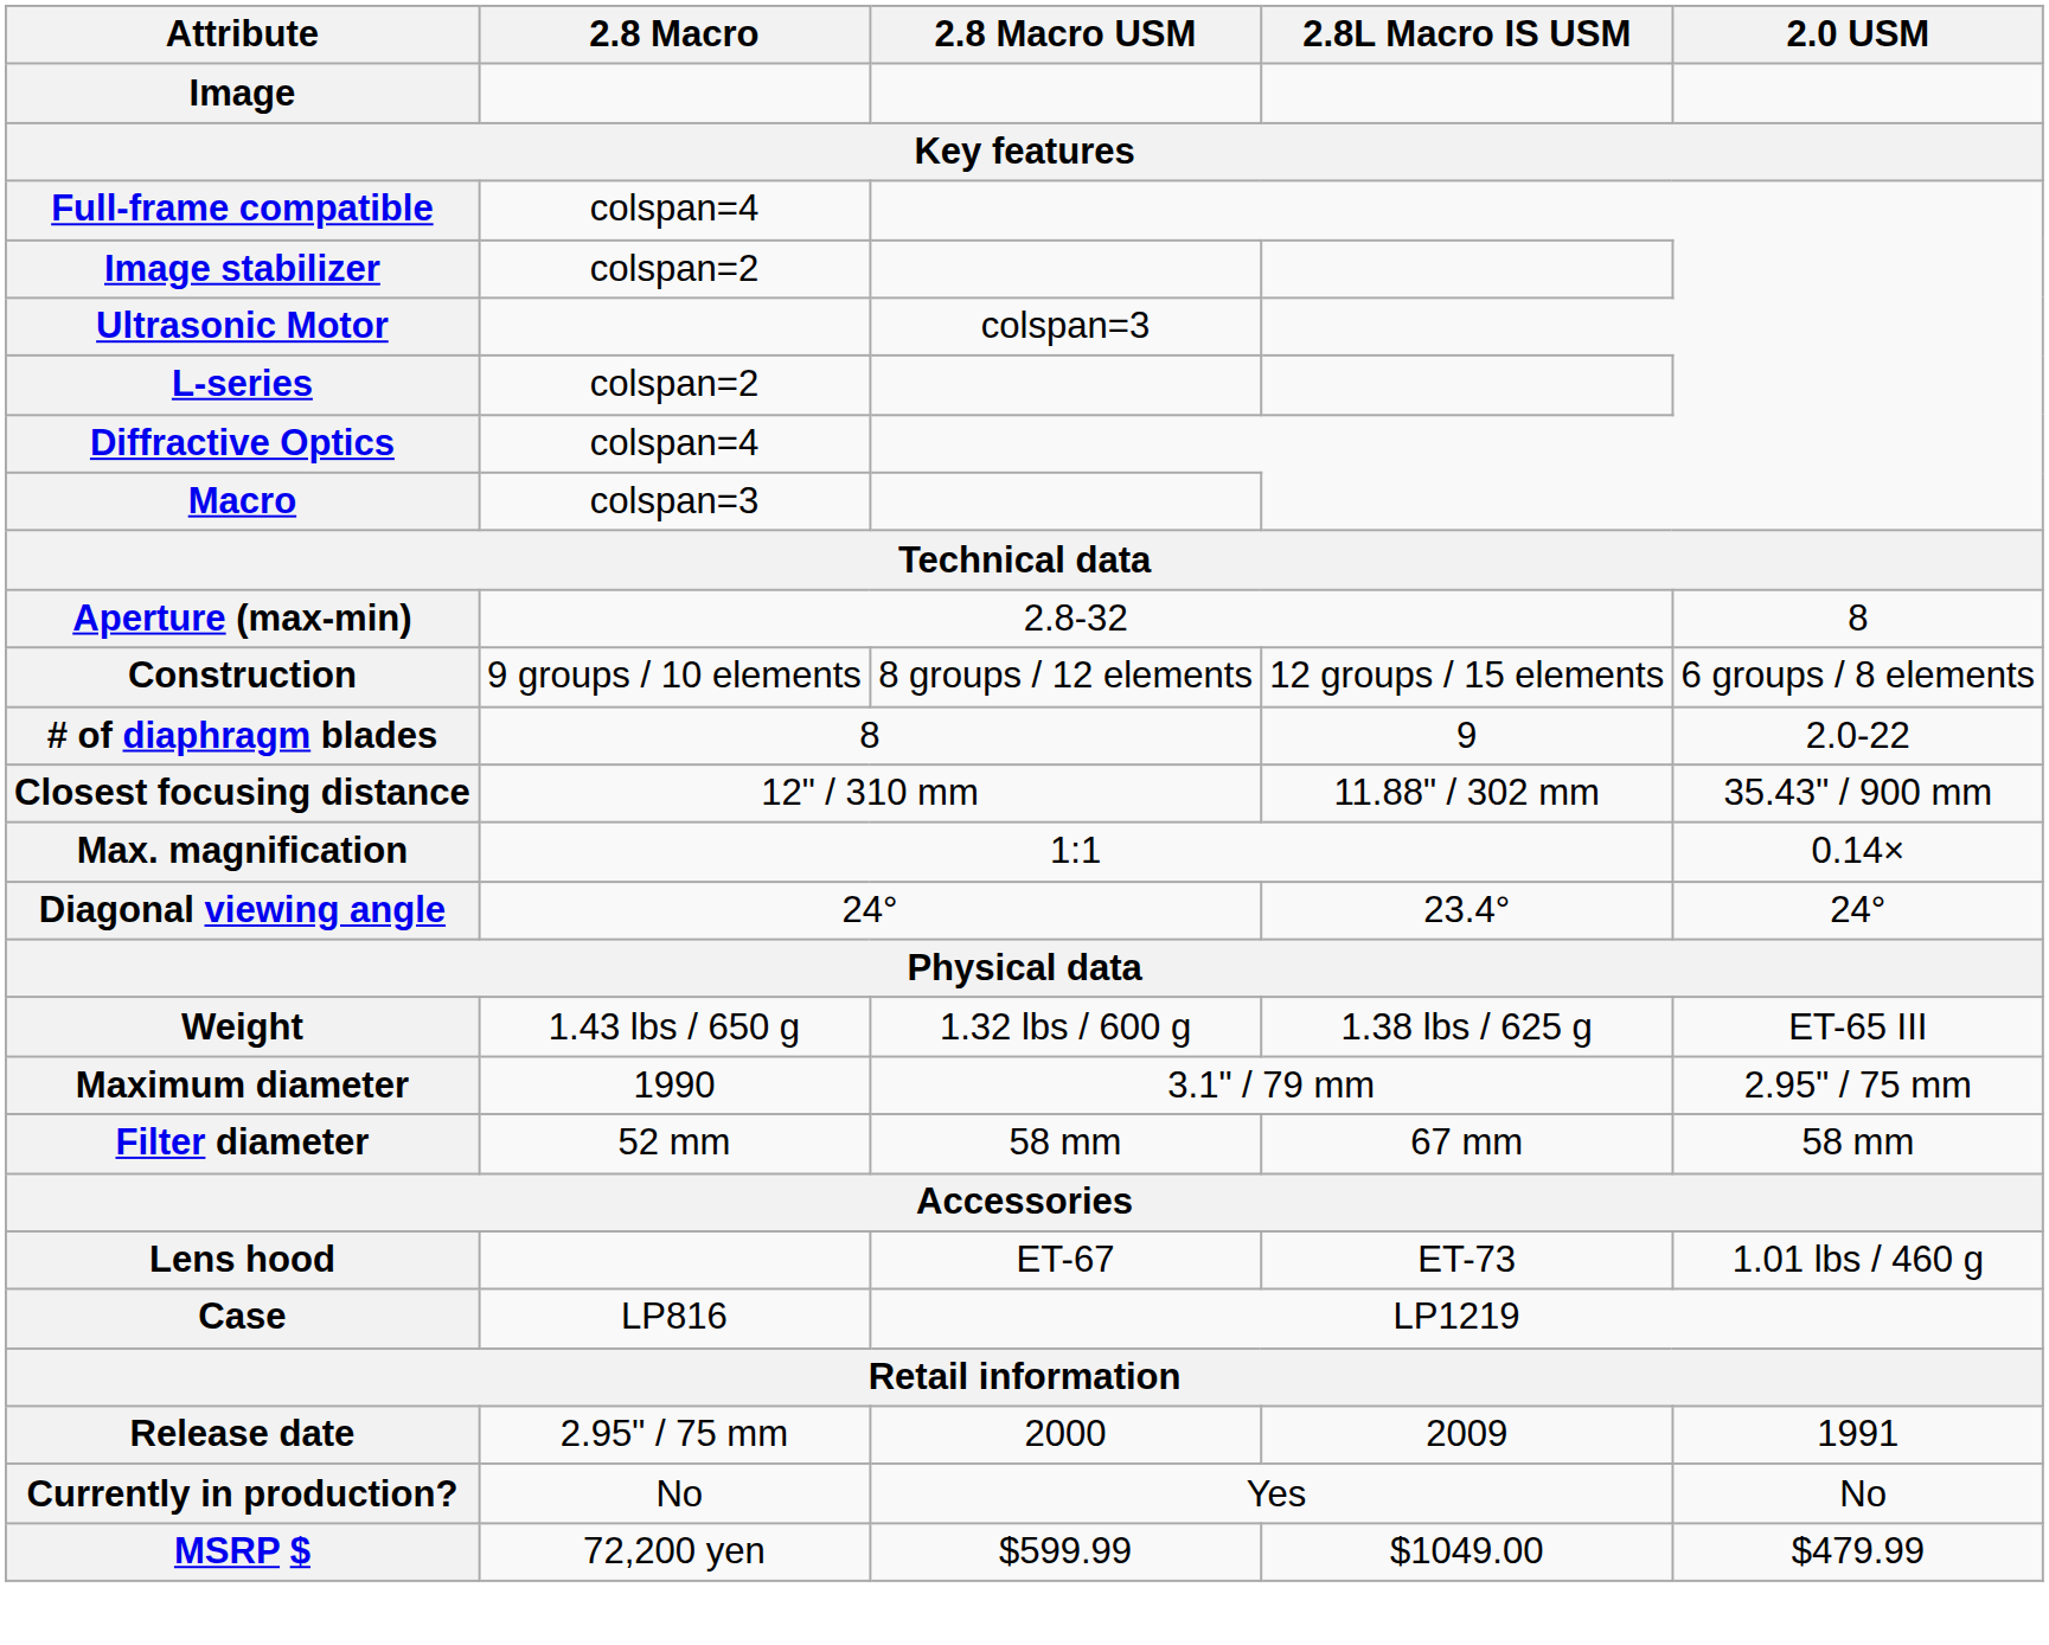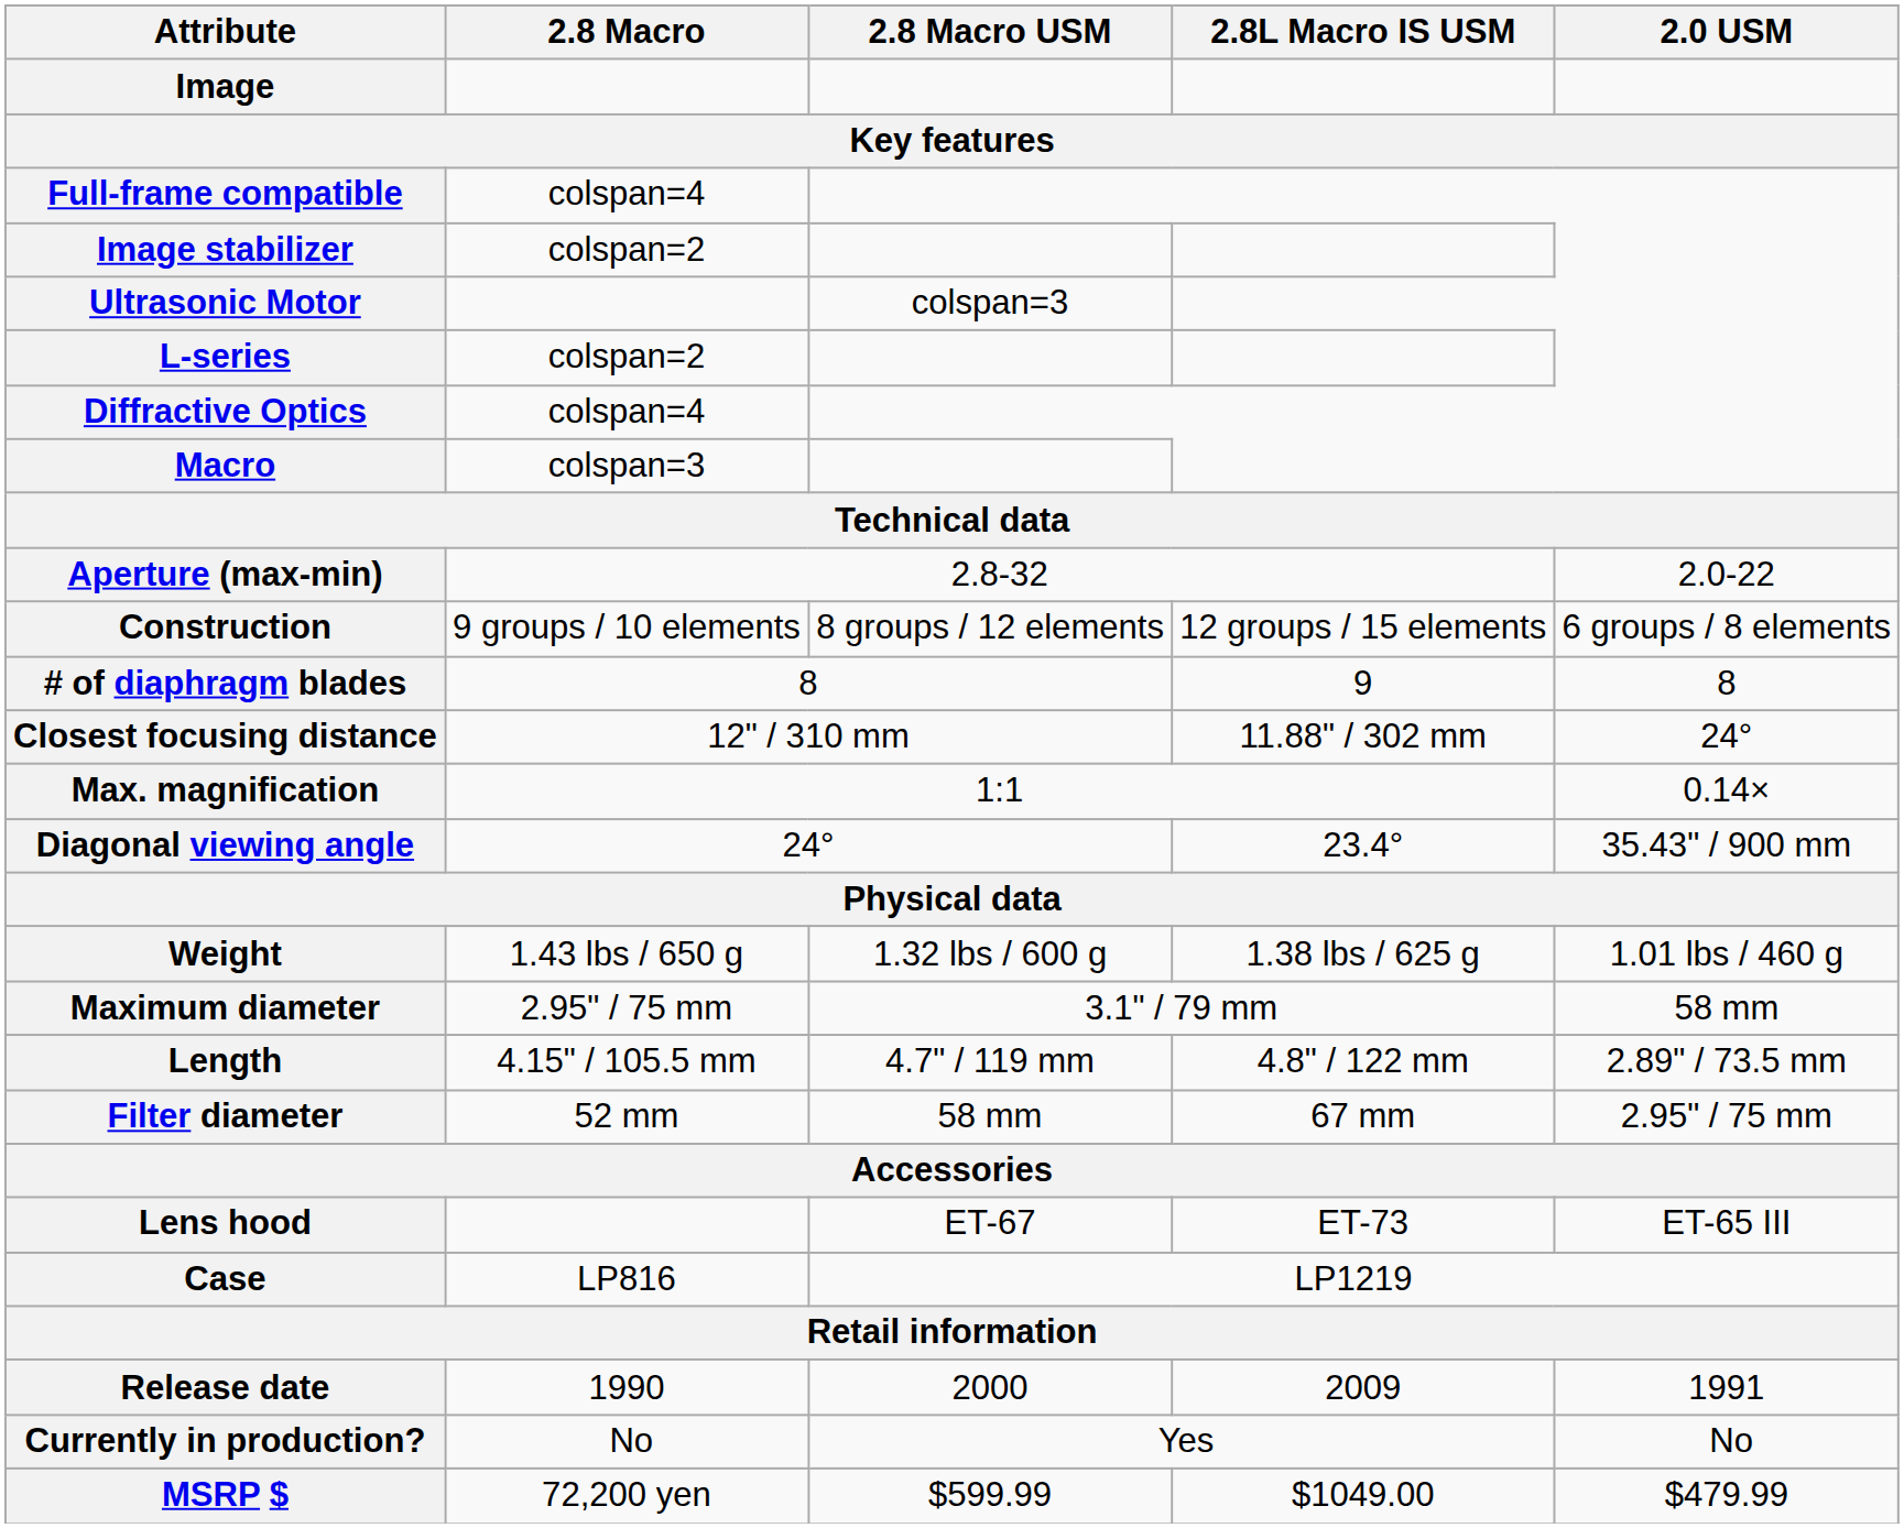 <table class="wikitable" style="text-align:center">
 <tr>
 <th>Attribute</th>
 <th>2.8 Macro</th>
 <th>2.8 Macro USM</th>
 <th>2.8L Macro IS USM</th>
 <th>2.0 USM</th>
 </tr>
 <tr>
 <th>Image</th>
 <td></td>
 <td></td>
 <td></td>
 <td></td>
 </tr>
 <tr>
 <th colspan=5>Key features</th>
 </tr>
 <tr>
 <th><a href='#'>Full-frame compatible</a></th>
 <td>colspan=4 </td>
 </tr>
 <tr>
 <th><a href='#'>Image stabilizer</a></th>
 <td>colspan=2 </td>
 <td></td>
 <td></td>
 </tr>
 <tr>
 <th><a href='#'>Ultrasonic Motor</a></th>
 <td></td>
 <td>colspan=3 </td>
 </tr>
 <tr>
 <th><a href='#'>L-series</a></th>
 <td>colspan=2  </td>
 <td></td>
 <td></td>
 </tr>
 <tr>
 <th><a href='#'>Diffractive Optics</a></th>
 <td>colspan=4  </td>
 </tr>
 <tr>
 <th><a href='#'>Macro</a></th>
 <td>colspan=3 </td>
 <td></td>
 </tr>
 <tr>
 <th colspan=5>Technical data</th>
 </tr>
 <tr>
 <th><a href='#'>Aperture</a> (max-min)</th>
 <td colspan=3>2.8-32</td>
-<td>8</td>
+<td>2.0-22</td>
 </tr>
 <tr>
 <th>Construction</th>
 <td>9 groups / 10 elements</td>
 <td>8 groups / 12 elements</td>
 <td>12 groups / 15 elements</td>
 <td>6 groups / 8 elements</td>
 </tr>
 <tr>
 <th># of <a href='#'>diaphragm</a> blades</th>
 <td colspan=2>8</td>
 <td>9</td>
-<td>2.0-22</td>
+<td>8</td>
 </tr>
 <tr>
 <th>Closest focusing distance</th>
 <td colspan=2>12" / 310 mm</td>
 <td>11.88" / 302 mm</td>
-<td>35.43" / 900 mm</td>
+<td>24°</td>
 </tr>
 <tr>
 <th>Max. magnification</th>
 <td colspan=3>1:1</td>
 <td>0.14×</td>
 </tr>
 <tr>
 <th>Diagonal <a href='#'>viewing angle</a></th>
 <td colspan=2>24°</td>
 <td>23.4°</td>
-<td>24°</td>
+<td>35.43" / 900 mm</td>
 </tr>
 <tr>
 <th colspan=5>Physical data</th>
 </tr>
 <tr>
 <th>Weight</th>
 <td>1.43 lbs / 650 g</td>
 <td>1.32 lbs / 600 g</td>
 <td>1.38 lbs / 625 g</td>
-<td>ET-65 III</td>
+<td>1.01 lbs / 460 g</td>
 </tr>
 <tr>
 <th>Maximum diameter</th>
-<td>1990</td>
+<td>2.95" / 75 mm</td>
 <td colspan=2>3.1" / 79 mm</td>
-<td>2.95" / 75 mm</td>
+<td>58 mm</td>
+</tr>
+<tr>
+<th>Length</th>
+<td>4.15" / 105.5 mm</td>
+<td>4.7" / 119 mm</td>
+<td>4.8" / 122 mm</td>
+<td>2.89" / 73.5 mm</td>
 </tr>
 <tr>
 <th><a href='#'>Filter</a> diameter</th>
 <td>52 mm</td>
 <td>58 mm</td>
 <td>67 mm</td>
-<td>58 mm</td>
+<td>2.95" / 75 mm</td>
 </tr>
 <tr>
 <th colspan=5>Accessories</th>
 </tr>
 <tr>
 <th>Lens hood</th>
 <td></td>
 <td>ET-67</td>
 <td>ET-73</td>
-<td>1.01 lbs / 460 g</td>
+<td>ET-65 III</td>
 </tr>
 <tr>
 <th>Case</th>
 <td>LP816</td>
 <td colspan=3>LP1219</td>
 </tr>
 <tr>
 <th colspan=5>Retail information</th>
 </tr>
 <tr>
 <th>Release date</th>
-<td>2.95" / 75 mm</td>
+<td>1990</td>
 <td>2000</td>
 <td>2009</td>
 <td>1991</td>
 </tr>
 <tr>
 <th>Currently in production?</th>
 <td style="text-align:center;" colspan=1> No</td>
 <td colspan="2" style="text-align:center;"> Yes</td>
 <td> No</td>
 </tr>
 <tr>
 <th><a href='#'>MSRP</a> <a href='#'>$</a></th>
 <td>72,200 yen</td>
 <td>$599.99</td>
 <td>$1049.00</td>
 <td>$479.99</td>
 </tr>
 </table>
